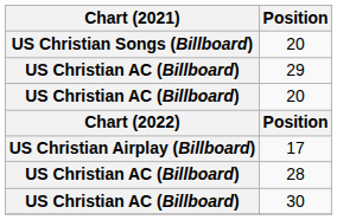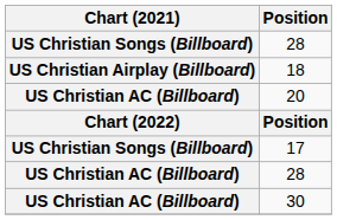 <table class="wikitable plainrowheaders" style="text-align:center">
 <tr>
 <th scope="col">Chart (2021)</th>
 <th scope="col">Position</th>
 </tr>
 <tr>
 <th scope="row">US Christian Songs (<em>Billboard</em>)</th>
-<td>20</td>
+<td>28</td>
 </tr>
 <tr>
-<th scope="row">US Christian AC (<em>Billboard</em>)</th>
-<td>29</td>
+<th scope="row">US Christian Airplay (<em>Billboard</em>)</th>
+<td>18</td>
 </tr>
 <tr>
 <th scope="row">US Christian AC (<em>Billboard</em>)</th>
 <td>20</td>
 </tr>
 <tr>
 <th scope="col">Chart (2022)</th>
 <th scope="col">Position</th>
 </tr>
 <tr>
-<th scope="row">US Christian Airplay (<em>Billboard</em>)</th>
+<th scope="row">US Christian Songs (<em>Billboard</em>)</th>
 <td>17</td>
 </tr>
 <tr>
 <th scope="row">US Christian AC (<em>Billboard</em>)</th>
 <td>28</td>
 </tr>
 <tr>
 <th scope="row">US Christian AC (<em>Billboard</em>)</th>
 <td>30</td>
 </tr>
 <tr>
 </tr>
 </table>
